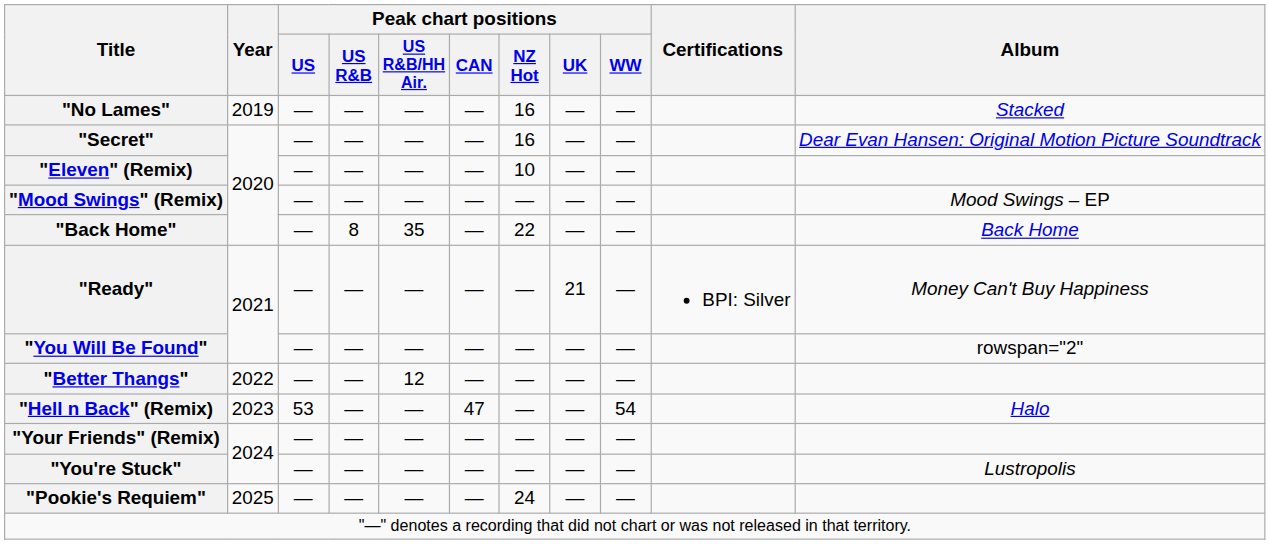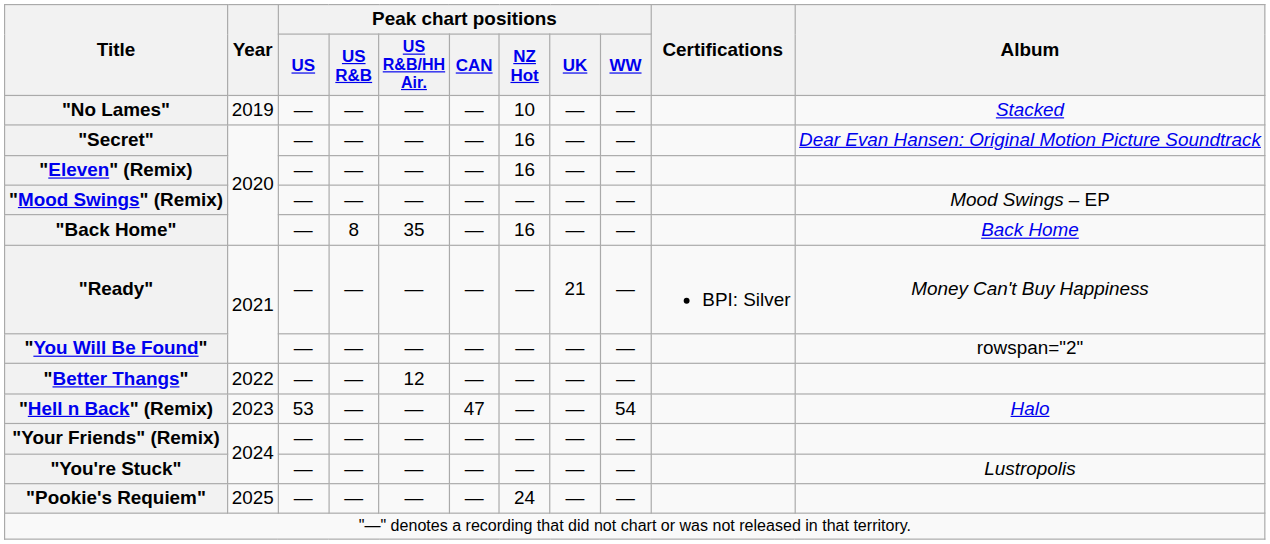 <table class="wikitable plainrowheaders" style="text-align:center;">
 <tr>
 <th scope="col" rowspan="2">Title</th>
 <th scope="col" rowspan="2">Year</th>
 <th scope="col" colspan="7">Peak chart positions</th>
 <th scope="col" rowspan="2">Certifications</th>
 <th scope="col" rowspan="2">Album</th>
 </tr>
 <tr>
 <th scope="col" style="width:2.5em;font-size:90%;"><a href='#'>US</a><br></th>
 <th scope="col" style="width:2.5em;font-size:90%;"><a href='#'>US<br>R&B</a><br></th>
 <th scope="col" style="width:2.5em;font-size:85%;"><a href='#'>US<br>R&B/HH<br>Air.</a><br></th>
 <th scope="col" style="width:2.5em;font-size:90%;"><a href='#'>CAN</a><br></th>
 <th scope="col" style="width:2.5em;font-size:90%;"><a href='#'>NZ<br>Hot</a><br></th>
 <th scope="col" style="width:2.5em;font-size:90%;"><a href='#'>UK</a><br></th>
 <th scope="col" style="width:2.5em;font-size:90%;"><a href='#'>WW</a><br></th>
 </tr>
 <tr>
 <th scope="row">"No Lames"<br></th>
 <td>2019</td>
 <td>—</td>
 <td>—</td>
 <td>—</td>
 <td>—</td>
-<td>16</td>
+<td>10</td>
 <td>—</td>
 <td>—</td>
 <td></td>
 <td><em><a href='#'>Stacked</a></em></td>
 </tr>
 <tr>
 <th scope="row">"Secret"<br></th>
 <td rowspan="4">2020</td>
 <td>—</td>
 <td>—</td>
 <td>—</td>
 <td>—</td>
 <td>16</td>
 <td>—</td>
 <td>—</td>
 <td></td>
 <td><em><a href='#'>Dear Evan Hansen: Original Motion Picture Soundtrack</a></em></td>
 </tr>
 <tr>
 <th scope="row">"<a href='#'>Eleven</a>" (Remix)<br></th>
 <td>—</td>
 <td>—</td>
 <td>—</td>
 <td>—</td>
-<td>10</td>
+<td>16</td>
 <td>—</td>
 <td>—</td>
 <td></td>
 </tr>
 <tr>
 <th scope="row">"<a href='#'>Mood Swings</a>" (Remix)<br></th>
 <td>—</td>
 <td>—</td>
 <td>—</td>
 <td>—</td>
 <td>—</td>
 <td>—</td>
 <td>—</td>
 <td></td>
 <td><em>Mood Swings</em> – EP</td>
 </tr>
 <tr>
 <th scope="row">"Back Home"<br></th>
 <td>—</td>
 <td>8</td>
 <td>35</td>
 <td>—</td>
-<td>22</td>
+<td>16</td>
 <td>—</td>
 <td>—</td>
 <td></td>
 <td><em><a href='#'>Back Home</a></em></td>
 </tr>
 <tr>
 <th scope="row">"Ready"<br></th>
 <td rowspan="2">2021</td>
 <td>—</td>
 <td>—</td>
 <td>—</td>
 <td>—</td>
 <td>—</td>
 <td>21</td>
 <td>—</td>
 <td><br><ul><li>BPI: Silver</li></ul></td>
 <td><em>Money Can't Buy Happiness</em></td>
 </tr>
 <tr>
 <th scope="row">"<a href='#'>You Will Be Found</a>"<br></th>
 <td>—</td>
 <td>—</td>
 <td>—</td>
 <td>—</td>
 <td>—</td>
 <td>—</td>
 <td>—</td>
 <td></td>
 <td>rowspan="2" </td>
 </tr>
 <tr>
 <th scope="row">"<a href='#'>Better Thangs</a>" <br></th>
 <td>2022</td>
 <td>—</td>
 <td>—</td>
 <td>12</td>
 <td>—</td>
 <td>—</td>
 <td>—</td>
 <td>—</td>
 <td></td>
 <td></td>
 </tr>
 <tr>
 <th scope="row">"<a href='#'>Hell n Back</a>" (Remix)<br></th>
 <td>2023</td>
 <td>53</td>
 <td>—</td>
 <td>—</td>
 <td>47</td>
 <td>—</td>
 <td>—</td>
 <td>54</td>
 <td></td>
 <td><em><a href='#'>Halo</a></em></td>
 </tr>
 <tr>
 <th scope="row">"Your Friends" (Remix)<br></th>
 <td rowspan="2">2024</td>
 <td>—</td>
 <td>—</td>
 <td>—</td>
 <td>—</td>
 <td>—</td>
 <td>—</td>
 <td>—</td>
 <td></td>
 <td></td>
 </tr>
 <tr>
 <th scope="row">"You're Stuck"<br></th>
 <td>—</td>
 <td>—</td>
 <td>—</td>
 <td>—</td>
 <td>—</td>
 <td>—</td>
 <td>—</td>
 <td></td>
 <td><em>Lustropolis</em></td>
 </tr>
 <tr>
 <th scope="row">"Pookie's Requiem" <br></th>
 <td>2025</td>
 <td>—</td>
 <td>—</td>
 <td>—</td>
 <td>—</td>
 <td>24</td>
 <td>—</td>
 <td>—</td>
 <td></td>
 <td></td>
 </tr>
 <tr>
 <td colspan="13" style="font-size:85%">"—" denotes a recording that did not chart or was not released in that territory.</td>
 </tr>
 </table>
